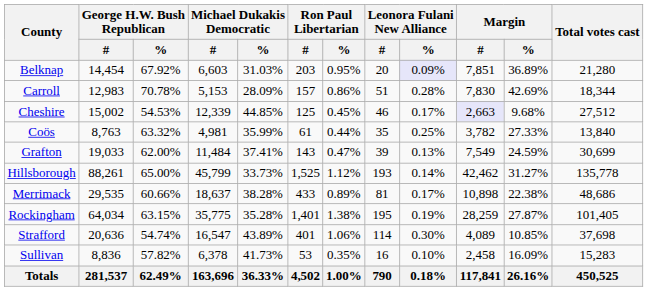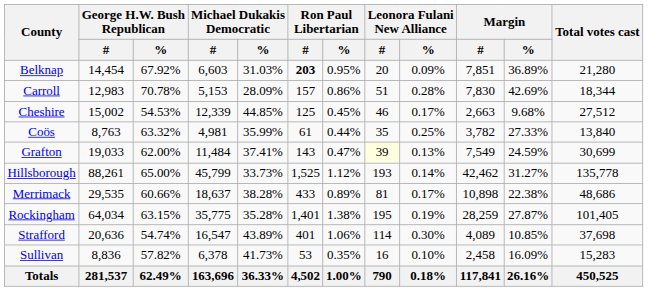 <table class="wikitable sortable">
 <tr>
 <th rowspan="2">County</th>
 <th colspan="2">George H.W. Bush<br>Republican</th>
 <th colspan="2">Michael Dukakis<br>Democratic</th>
 <th colspan="2">Ron Paul<br>Libertarian</th>
 <th colspan="2">Leonora Fulani<br>New Alliance</th>
 <th colspan="2">Margin</th>
 <th rowspan="2">Total votes cast</th>
 </tr>
 <tr bgcolor="lightgrey">
 <th data-sort-type="number">#</th>
 <th data-sort-type="number">%</th>
 <th data-sort-type="number">#</th>
 <th data-sort-type="number">%</th>
 <th data-sort-type="number">#</th>
 <th data-sort-type="number">%</th>
 <th data-sort-type="number">#</th>
 <th data-sort-type="number">%</th>
 <th data-sort-type="number">#</th>
 <th data-sort-type="number">%</th>
 </tr>
 <tr style="text-align:center;">
 <td><a href='#'>Belknap</a></td>
 <td>14,454</td>
 <td>67.92%</td>
 <td>6,603</td>
 <td>31.03%</td>
-<td>203</td>
+<td><strong>203</strong></td>
 <td>0.95%</td>
 <td>20</td>
-<td style="background: lavender;">0.09%</td>
+<td>0.09%</td>
 <td>7,851</td>
 <td>36.89%</td>
 <td>21,280</td>
 </tr>
 <tr style="text-align:center;">
 <td><a href='#'>Carroll</a></td>
 <td>12,983</td>
 <td>70.78%</td>
 <td>5,153</td>
 <td>28.09%</td>
 <td>157</td>
 <td>0.86%</td>
 <td>51</td>
 <td>0.28%</td>
 <td>7,830</td>
 <td>42.69%</td>
 <td>18,344</td>
 </tr>
 <tr style="text-align:center;">
 <td><a href='#'>Cheshire</a></td>
 <td>15,002</td>
 <td>54.53%</td>
 <td>12,339</td>
 <td>44.85%</td>
 <td>125</td>
 <td>0.45%</td>
 <td>46</td>
 <td>0.17%</td>
-<td style="background: lavender;">2,663</td>
+<td>2,663</td>
 <td>9.68%</td>
 <td>27,512</td>
 </tr>
 <tr style="text-align:center;">
 <td><a href='#'>Coös</a></td>
 <td>8,763</td>
 <td>63.32%</td>
 <td>4,981</td>
 <td>35.99%</td>
 <td>61</td>
 <td>0.44%</td>
 <td>35</td>
 <td>0.25%</td>
 <td>3,782</td>
 <td>27.33%</td>
 <td>13,840</td>
 </tr>
 <tr style="text-align:center;">
 <td><a href='#'>Grafton</a></td>
 <td>19,033</td>
 <td>62.00%</td>
 <td>11,484</td>
 <td>37.41%</td>
 <td>143</td>
 <td>0.47%</td>
-<td>39</td>
+<td style="background: lightyellow;">39</td>
 <td>0.13%</td>
 <td>7,549</td>
 <td>24.59%</td>
 <td>30,699</td>
 </tr>
 <tr style="text-align:center;">
 <td><a href='#'>Hillsborough</a></td>
 <td>88,261</td>
 <td>65.00%</td>
 <td>45,799</td>
 <td>33.73%</td>
 <td>1,525</td>
 <td>1.12%</td>
 <td>193</td>
 <td>0.14%</td>
 <td>42,462</td>
 <td>31.27%</td>
 <td>135,778</td>
 </tr>
 <tr style="text-align:center;">
 <td><a href='#'>Merrimack</a></td>
 <td>29,535</td>
 <td>60.66%</td>
 <td>18,637</td>
 <td>38.28%</td>
 <td>433</td>
 <td>0.89%</td>
 <td>81</td>
 <td>0.17%</td>
 <td>10,898</td>
 <td>22.38%</td>
 <td>48,686</td>
 </tr>
 <tr style="text-align:center;">
 <td><a href='#'>Rockingham</a></td>
 <td>64,034</td>
 <td>63.15%</td>
 <td>35,775</td>
 <td>35.28%</td>
 <td>1,401</td>
 <td>1.38%</td>
 <td>195</td>
 <td>0.19%</td>
 <td>28,259</td>
 <td>27.87%</td>
 <td>101,405</td>
 </tr>
 <tr style="text-align:center;">
 <td><a href='#'>Strafford</a></td>
 <td>20,636</td>
 <td>54.74%</td>
 <td>16,547</td>
 <td>43.89%</td>
 <td>401</td>
 <td>1.06%</td>
 <td>114</td>
 <td>0.30%</td>
 <td>4,089</td>
 <td>10.85%</td>
 <td>37,698</td>
 </tr>
 <tr style="text-align:center;">
 <td><a href='#'>Sullivan</a></td>
 <td>8,836</td>
 <td>57.82%</td>
 <td>6,378</td>
 <td>41.73%</td>
 <td>53</td>
 <td>0.35%</td>
 <td>16</td>
 <td>0.10%</td>
 <td>2,458</td>
 <td>16.09%</td>
 <td>15,283</td>
 </tr>
 <tr>
 <th>Totals</th>
 <th>281,537</th>
 <th>62.49%</th>
 <th>163,696</th>
 <th>36.33%</th>
 <th>4,502</th>
 <th>1.00%</th>
 <th>790</th>
 <th>0.18%</th>
 <th>117,841</th>
 <th>26.16%</th>
 <th>450,525</th>
 </tr>
 </table>
